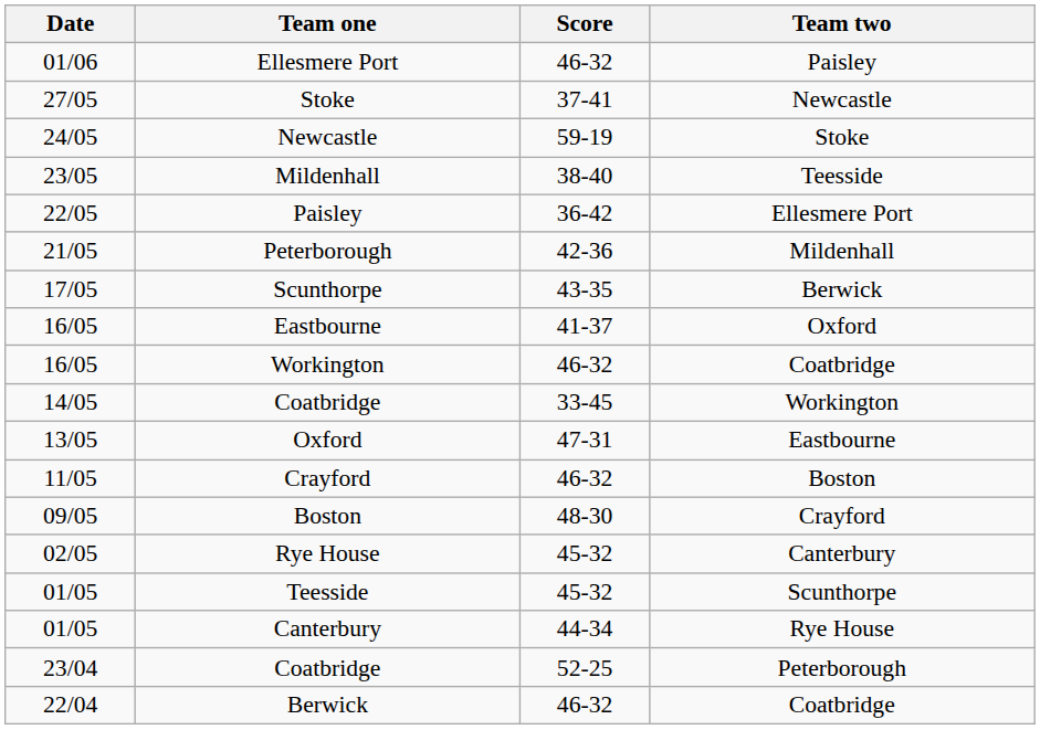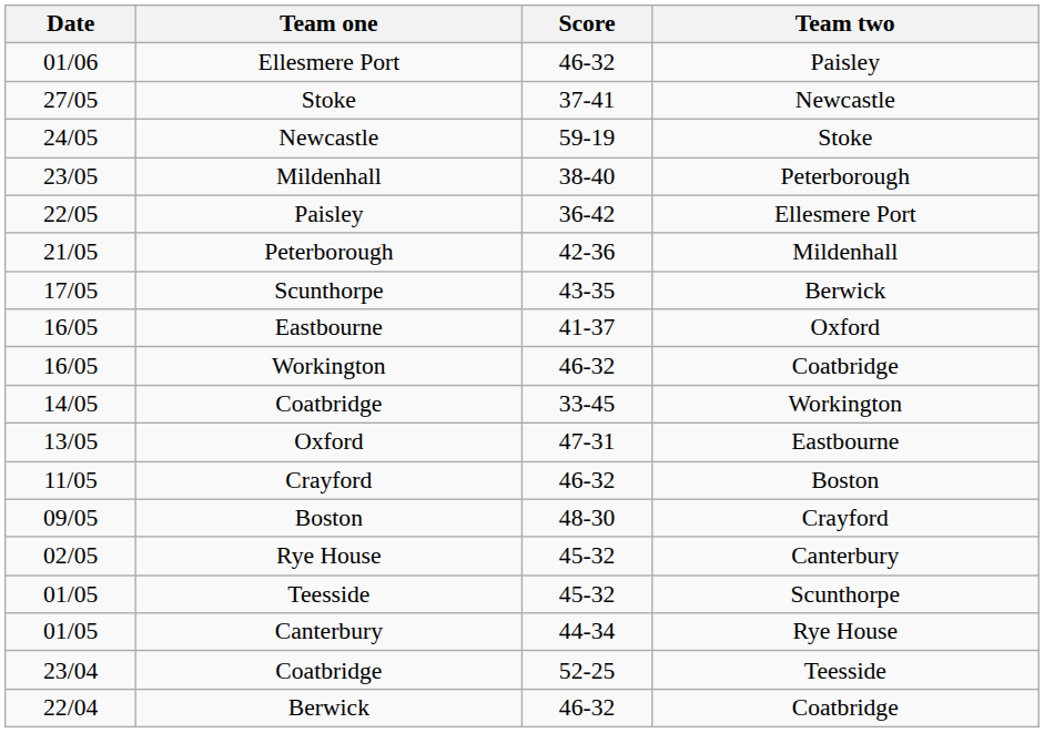 <table class="wikitable" style="text-align: center">
 <tr>
 <th width=80>Date</th>
 <th width=250>Team one</th>
 <th width=80>Score</th>
 <th width=250>Team two</th>
 </tr>
 <tr>
 <td>01/06</td>
 <td>Ellesmere Port</td>
 <td>46-32</td>
 <td>Paisley</td>
 </tr>
 <tr>
 <td>27/05</td>
 <td>Stoke</td>
 <td>37-41</td>
 <td>Newcastle</td>
 </tr>
 <tr>
 <td>24/05</td>
 <td>Newcastle</td>
 <td>59-19</td>
 <td>Stoke</td>
 </tr>
 <tr>
 <td>23/05</td>
 <td>Mildenhall</td>
 <td>38-40</td>
-<td>Teesside</td>
+<td>Peterborough</td>
 </tr>
 <tr>
 <td>22/05</td>
 <td>Paisley</td>
 <td>36-42</td>
 <td>Ellesmere Port</td>
 </tr>
 <tr>
 <td>21/05</td>
 <td>Peterborough</td>
 <td>42-36</td>
 <td>Mildenhall</td>
 </tr>
 <tr>
 <td>17/05</td>
 <td>Scunthorpe</td>
 <td>43-35</td>
 <td>Berwick</td>
 </tr>
 <tr>
 <td>16/05</td>
 <td>Eastbourne</td>
 <td>41-37</td>
 <td>Oxford</td>
 </tr>
 <tr>
 <td>16/05</td>
 <td>Workington</td>
 <td>46-32</td>
 <td>Coatbridge</td>
 </tr>
 <tr>
 <td>14/05</td>
 <td>Coatbridge</td>
 <td>33-45</td>
 <td>Workington</td>
 </tr>
 <tr>
 <td>13/05</td>
 <td>Oxford</td>
 <td>47-31</td>
 <td>Eastbourne</td>
 </tr>
 <tr>
 <td>11/05</td>
 <td>Crayford</td>
 <td>46-32</td>
 <td>Boston</td>
 </tr>
 <tr>
 <td>09/05</td>
 <td>Boston</td>
 <td>48-30</td>
 <td>Crayford</td>
 </tr>
 <tr>
 <td>02/05</td>
 <td>Rye House</td>
 <td>45-32</td>
 <td>Canterbury</td>
 </tr>
 <tr>
 <td>01/05</td>
 <td>Teesside</td>
 <td>45-32</td>
 <td>Scunthorpe</td>
 </tr>
 <tr>
 <td>01/05</td>
 <td>Canterbury</td>
 <td>44-34</td>
 <td>Rye House</td>
 </tr>
 <tr>
 <td>23/04</td>
 <td>Coatbridge</td>
 <td>52-25</td>
-<td>Peterborough</td>
+<td>Teesside</td>
 </tr>
 <tr>
 <td>22/04</td>
 <td>Berwick</td>
 <td>46-32</td>
 <td>Coatbridge</td>
 </tr>
 </table>
